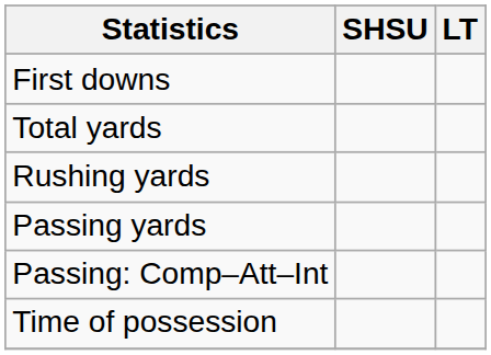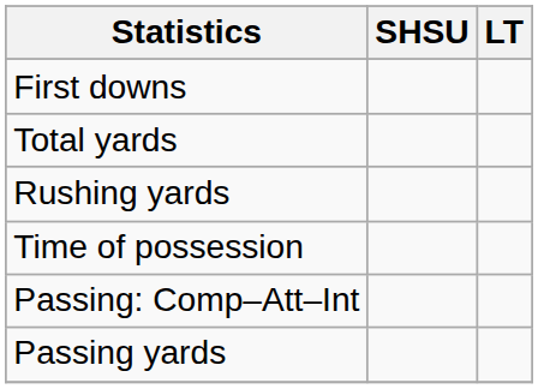 <table class="wikitable" style="float: left;">
 <tr>
 <th>Statistics</th>
 <th>SHSU</th>
 <th>LT</th>
 </tr>
 <tr>
 <td>First downs</td>
 <td></td>
 <td></td>
 </tr>
 <tr>
 <td>Total yards</td>
 <td></td>
 <td></td>
 </tr>
 <tr>
 <td>Rushing yards</td>
 <td></td>
 <td></td>
 </tr>
 <tr>
-<td>Passing yards</td>
+<td>Time of possession</td>
 <td></td>
 <td></td>
 </tr>
 <tr>
 <td>Passing: Comp–Att–Int</td>
 <td></td>
 <td></td>
 </tr>
 <tr>
-<td>Time of possession</td>
+<td>Passing yards</td>
 <td></td>
 <td></td>
 </tr>
 <tr>
 </tr>
 </table>
